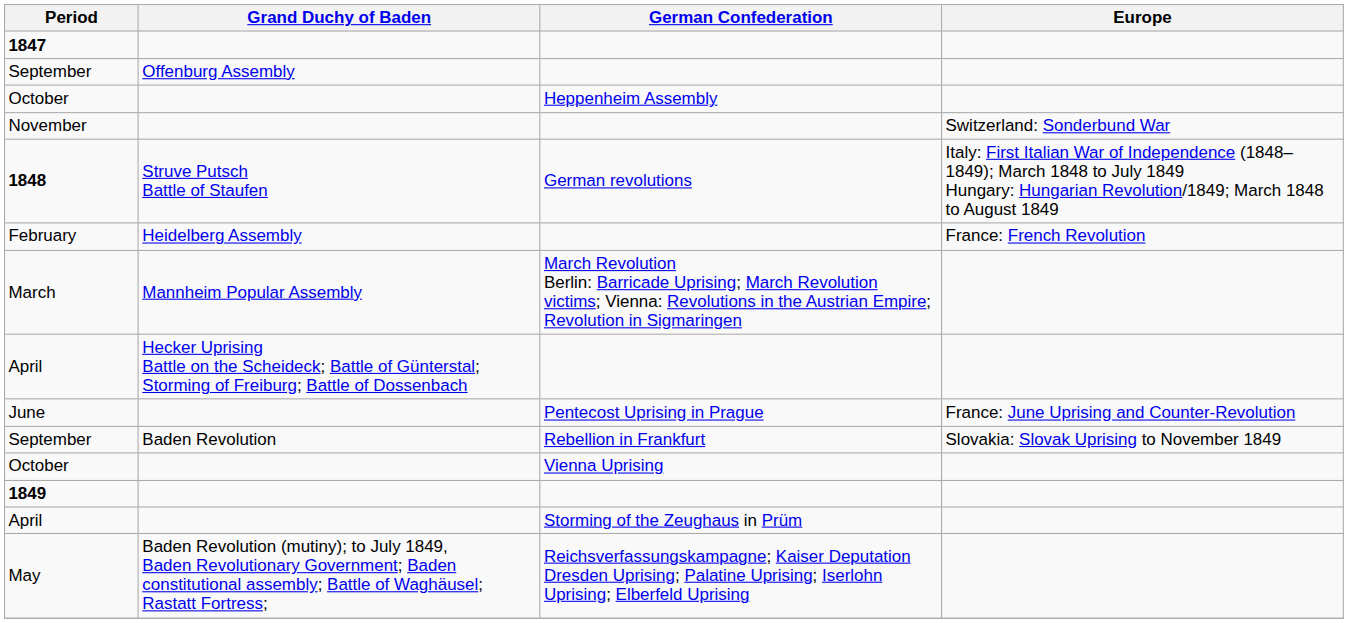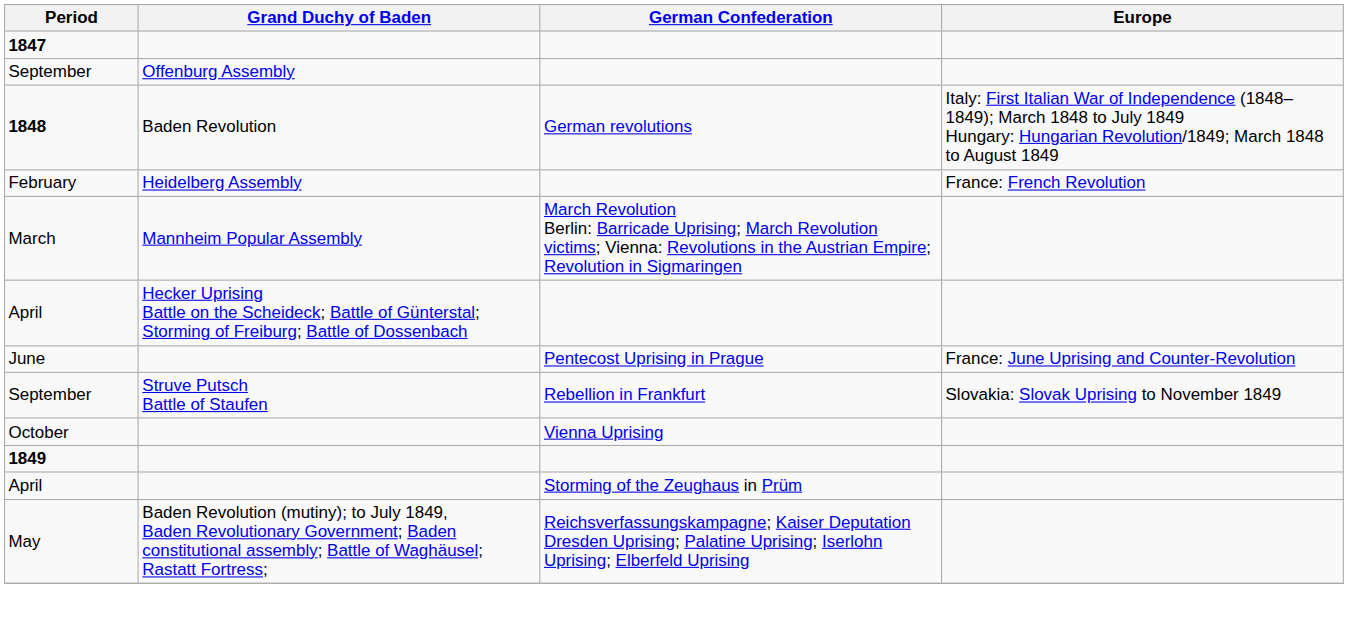 <table class="wikitable" style=" width:100%;">
 <tr style="background-color:#f9f9f9;">
 <th bgcolor="#FFDEAD" style="width:10%;">Period</th>
 <th bgcolor="#FFDEAD" style="width:30%;"><a href='#'>Grand Duchy of Baden</a></th>
 <th bgcolor="#FFDEAD" style="width:30%;"><a href='#'>German Confederation</a></th>
 <th bgcolor="#FFDEAD" style="width:30%;">Europe</th>
 </tr>
 <tr>
 <td><strong>1847</strong></td>
 <td></td>
 <td></td>
 <td></td>
 </tr>
 <tr>
 <td>September</td>
 <td><a href='#'>Offenburg Assembly</a></td>
 <td></td>
 <td></td>
 </tr>
 <tr>
-<td>October</td>
-<td></td>
-<td><a href='#'>Heppenheim Assembly</a></td>
-<td></td>
-</tr>
-<tr>
-<td>November</td>
-<td></td>
-<td></td>
-<td>Switzerland: <a href='#'>Sonderbund War</a></td>
-</tr>
-<tr>
 <td><strong>1848</strong></td>
-<td><a href='#'>Struve Putsch</a><br><a href='#'>Battle of Staufen</a></td>
+<td>Baden Revolution</td>
 <td><a href='#'>German revolutions</a></td>
 <td>Italy: <a href='#'>First Italian War of Independence</a> (1848–1849); March 1848 to July 1849<br>Hungary: <a href='#'>Hungarian Revolution</a>/1849; March 1848 to August 1849</td>
 </tr>
 <tr>
 <td>February</td>
 <td><a href='#'>Heidelberg Assembly</a></td>
 <td></td>
 <td>France: <a href='#'>French Revolution</a></td>
 </tr>
 <tr>
 <td>March</td>
 <td><a href='#'>Mannheim Popular Assembly</a></td>
 <td><a href='#'>March Revolution</a><br>Berlin: <a href='#'>Barricade Uprising</a>; <a href='#'>March Revolution victims</a>; Vienna: <a href='#'>Revolutions in the Austrian Empire</a>; <a href='#'>Revolution in Sigmaringen</a></td>
 <td></td>
 </tr>
 <tr>
 <td>April</td>
 <td><a href='#'>Hecker Uprising</a><br><a href='#'>Battle on the Scheideck</a>; <a href='#'>Battle of Günterstal</a>; <a href='#'>Storming of Freiburg</a>; <a href='#'>Battle of Dossenbach</a></td>
 <td></td>
 <td></td>
 </tr>
 <tr>
 <td>June</td>
 <td></td>
 <td><a href='#'>Pentecost Uprising in Prague</a></td>
 <td>France: <a href='#'>June Uprising and Counter-Revolution</a></td>
 </tr>
 <tr>
 <td>September</td>
-<td>Baden Revolution</td>
+<td><a href='#'>Struve Putsch</a><br><a href='#'>Battle of Staufen</a></td>
 <td><a href='#'>Rebellion in Frankfurt</a></td>
 <td>Slovakia: <a href='#'>Slovak Uprising</a> to November 1849</td>
 </tr>
 <tr>
 <td>October</td>
 <td></td>
 <td><a href='#'>Vienna Uprising</a></td>
 <td></td>
 </tr>
 <tr>
 <td><strong>1849</strong></td>
 <td></td>
 <td></td>
 <td></td>
 </tr>
 <tr>
 <td>April</td>
 <td></td>
 <td><a href='#'>Storming of the Zeughaus</a> in <a href='#'>Prüm</a></td>
 <td></td>
 </tr>
 <tr>
 <td>May</td>
 <td>Baden Revolution (mutiny); to July 1849,<br><a href='#'>Baden Revolutionary Government</a>; <a href='#'>Baden constitutional assembly</a>; <a href='#'>Battle of Waghäusel</a>;  <a href='#'>Rastatt Fortress</a>;</td>
 <td><a href='#'>Reichsverfassungskampagne</a>; <a href='#'>Kaiser Deputation</a><br><a href='#'>Dresden Uprising</a>; <a href='#'>Palatine Uprising</a>; <a href='#'>Iserlohn Uprising</a>; <a href='#'>Elberfeld Uprising</a></td>
 <td></td>
 </tr>
 <tr>
 </tr>
 </table>
